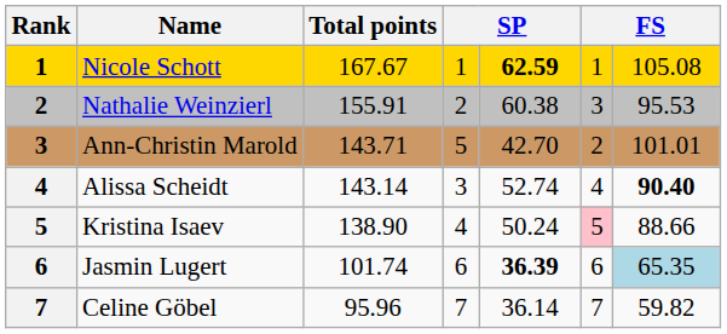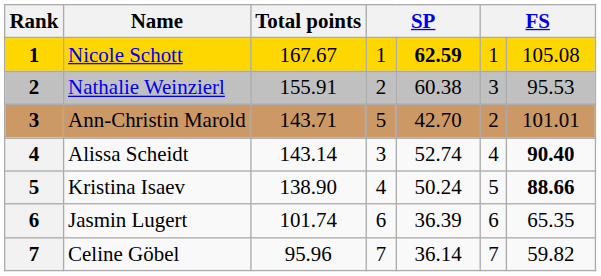 <table class="wikitable sortable">
 <tr>
 <th>Rank</th>
 <th>Name</th>
 <th>Total points</th>
 <th colspan="2" width="80px"><a href='#'>SP</a></th>
 <th colspan="2" width="80px"><a href='#'>FS</a></th>
 </tr>
 <tr bgcolor="gold">
 <td align="center"><strong>1</strong></td>
 <td><a href='#'>Nicole Schott</a></td>
 <td align="center">167.67</td>
 <td align="center">1</td>
 <td align="center"><strong>62.59</strong></td>
 <td align="center">1</td>
 <td align="center">105.08</td>
 </tr>
 <tr bgcolor="silver">
 <td align="center"><strong>2</strong></td>
 <td><a href='#'>Nathalie Weinzierl</a></td>
 <td align="center">155.91</td>
 <td align="center">2</td>
 <td align="center">60.38</td>
 <td align="center">3</td>
 <td align="center">95.53</td>
 </tr>
 <tr bgcolor="cc9966">
 <td align="center"><strong>3</strong></td>
 <td>Ann-Christin Marold</td>
 <td align="center">143.71</td>
 <td align="center">5</td>
 <td align="center">42.70</td>
 <td align="center">2</td>
 <td align="center">101.01</td>
 </tr>
 <tr>
 <th>4</th>
 <td>Alissa Scheidt</td>
 <td align="center">143.14</td>
 <td align="center">3</td>
 <td align="center">52.74</td>
 <td align="center">4</td>
 <td align="center"><strong>90.40</strong></td>
 </tr>
 <tr>
 <th>5</th>
 <td>Kristina Isaev</td>
 <td align="center">138.90</td>
 <td align="center">4</td>
 <td align="center">50.24</td>
-<td align="center" style="background: pink;">5</td>
-<td align="center">88.66</td>
+<td align="center">5</td>
+<td align="center"><strong>88.66</strong></td>
 </tr>
 <tr>
 <th>6</th>
 <td>Jasmin Lugert</td>
 <td align="center">101.74</td>
 <td align="center">6</td>
-<td align="center"><strong>36.39</strong></td>
+<td align="center">36.39</td>
 <td align="center">6</td>
-<td align="center" style="background: lightblue;">65.35</td>
+<td align="center">65.35</td>
 </tr>
 <tr>
 <th>7</th>
 <td>Celine Göbel</td>
 <td align="center">95.96</td>
 <td align="center">7</td>
 <td align="center">36.14</td>
 <td align="center">7</td>
 <td align="center">59.82</td>
 </tr>
 </table>
